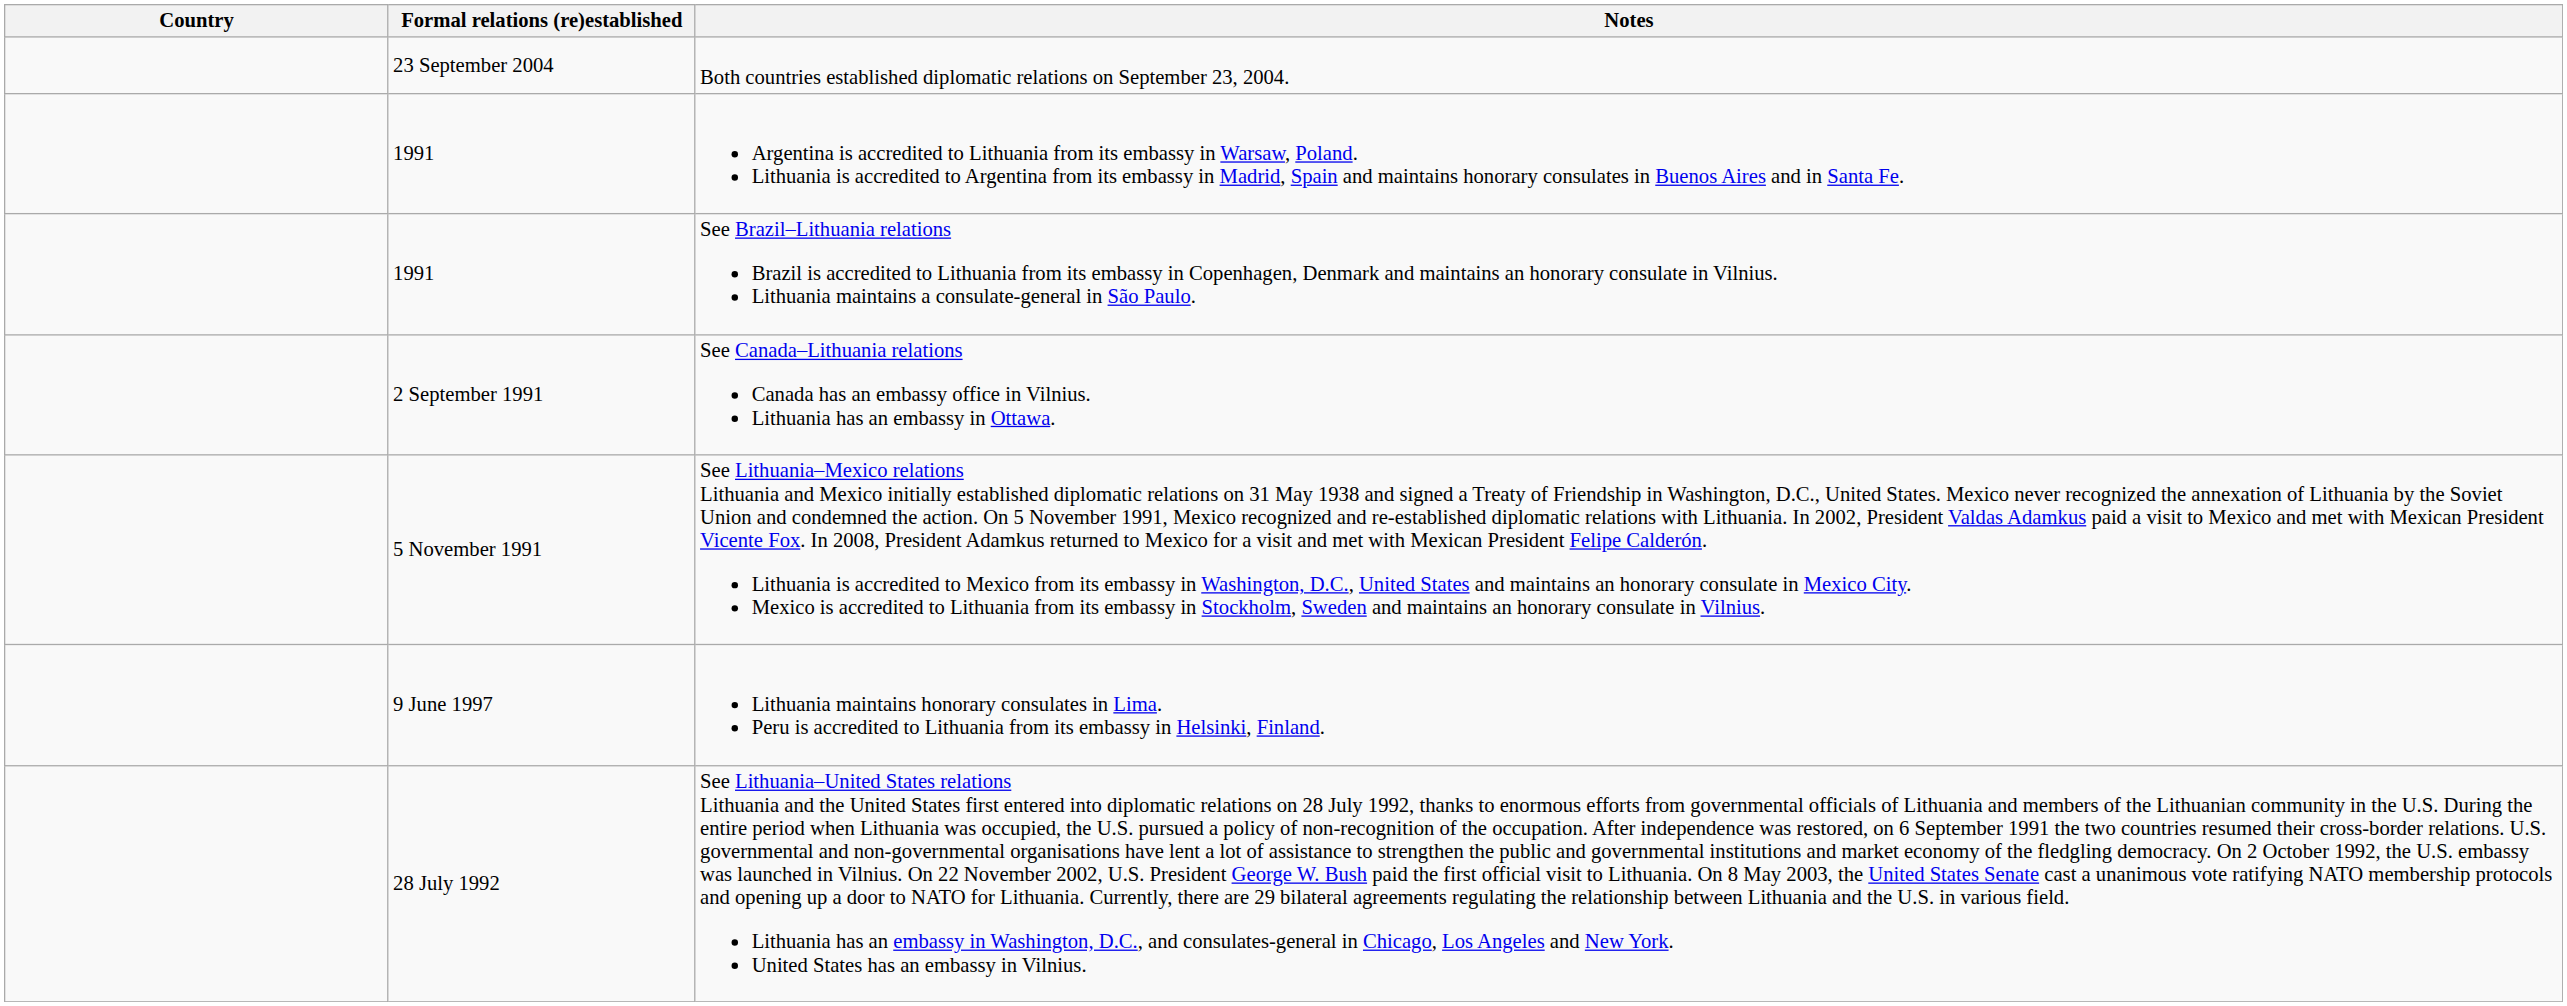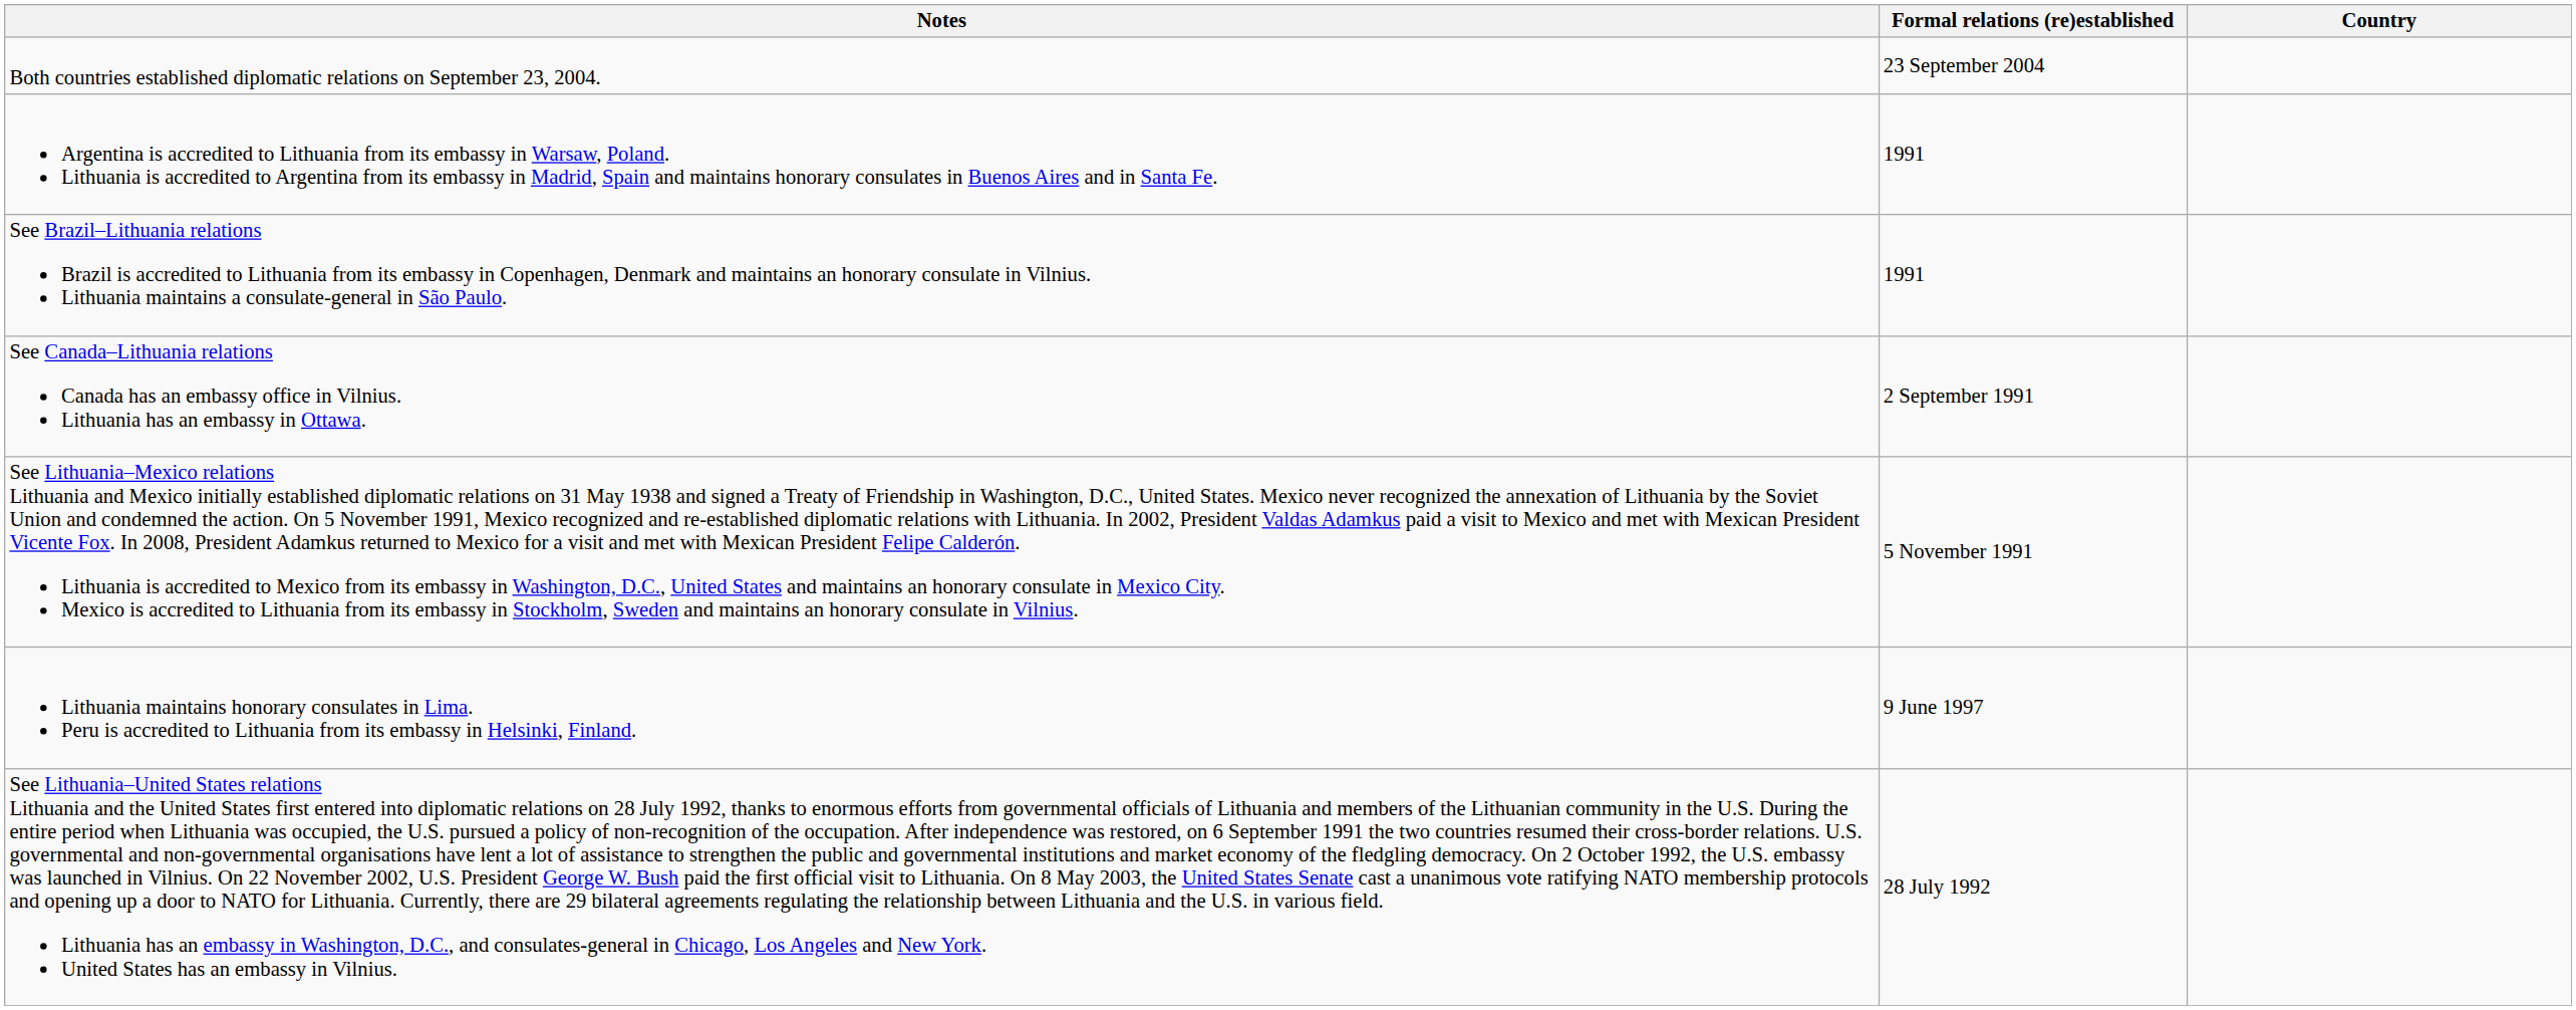 <table class="wikitable sortable" border="1" style="width:100%; margin:auto;">
 <tr>
+<th>Notes</th>
+<th width="12%">Formal relations (re)established</th>
 <th width="15%">Country</th>
-<th width="12%">Formal relations (re)established</th>
-<th>Notes</th>
 </tr>
 <tr>
+<td><br>Both countries established diplomatic relations on September 23, 2004.</td>
+<td>23 September 2004</td>
 <td></td>
-<td>23 September 2004</td>
-<td><br>Both countries established diplomatic relations on September 23, 2004.</td>
 </tr>
 <tr>
+<td><br><ul><li>Argentina is accredited to Lithuania from its embassy in <a href='#'>Warsaw</a>, <a href='#'>Poland</a>.</li><li>Lithuania is accredited to Argentina from its embassy in <a href='#'>Madrid</a>, <a href='#'>Spain</a> and maintains honorary consulates in <a href='#'>Buenos Aires</a> and in <a href='#'>Santa Fe</a>.</li></ul></td>
+<td>1991</td>
 <td></td>
-<td>1991</td>
-<td><br><ul><li>Argentina is accredited to Lithuania from its embassy in <a href='#'>Warsaw</a>, <a href='#'>Poland</a>.</li><li>Lithuania is accredited to Argentina from its embassy in <a href='#'>Madrid</a>, <a href='#'>Spain</a> and maintains honorary consulates in <a href='#'>Buenos Aires</a> and in <a href='#'>Santa Fe</a>.</li></ul></td>
 </tr>
 <tr>
+<td>See <a href='#'>Brazil–Lithuania relations</a><br><ul><li>Brazil is accredited to Lithuania from its embassy in Copenhagen, Denmark and maintains an honorary consulate in Vilnius.</li><li>Lithuania maintains a consulate-general in <a href='#'>São Paulo</a>.</li></ul></td>
+<td>1991</td>
 <td></td>
-<td>1991</td>
-<td>See <a href='#'>Brazil–Lithuania relations</a><br><ul><li>Brazil is accredited to Lithuania from its embassy in Copenhagen, Denmark and maintains an honorary consulate in Vilnius.</li><li>Lithuania maintains a consulate-general in <a href='#'>São Paulo</a>.</li></ul></td>
 </tr>
 <tr>
+<td>See <a href='#'>Canada–Lithuania relations</a><br><ul><li>Canada has an embassy office in Vilnius.</li><li>Lithuania has an embassy in <a href='#'>Ottawa</a>.</li></ul></td>
+<td>2 September 1991</td>
 <td></td>
-<td>2 September 1991</td>
-<td>See <a href='#'>Canada–Lithuania relations</a><br><ul><li>Canada has an embassy office in Vilnius.</li><li>Lithuania has an embassy in <a href='#'>Ottawa</a>.</li></ul></td>
 </tr>
 <tr>
+<td>See <a href='#'>Lithuania–Mexico relations</a><br> Lithuania and Mexico initially established diplomatic relations on 31 May 1938 and signed a Treaty of Friendship in Washington, D.C., United States. Mexico never recognized the annexation of Lithuania by the Soviet Union and condemned the action. On 5 November 1991, Mexico recognized and re-established diplomatic relations with Lithuania. In 2002, President <a href='#'>Valdas Adamkus</a> paid a visit to Mexico and met with Mexican President <a href='#'>Vicente Fox</a>. In 2008, President Adamkus returned to Mexico for a visit and met with Mexican President <a href='#'>Felipe Calderón</a>.<ul><li>Lithuania is accredited to Mexico from its embassy in <a href='#'>Washington, D.C.</a>, <a href='#'>United States</a> and maintains an honorary consulate in <a href='#'>Mexico City</a>.</li><li>Mexico is accredited to Lithuania from its embassy in <a href='#'>Stockholm</a>, <a href='#'>Sweden</a> and maintains an honorary consulate in <a href='#'>Vilnius</a>.</li></ul></td>
+<td>5 November 1991</td>
 <td></td>
-<td>5 November 1991</td>
-<td>See <a href='#'>Lithuania–Mexico relations</a><br> Lithuania and Mexico initially established diplomatic relations on 31 May 1938 and signed a Treaty of Friendship in Washington, D.C., United States. Mexico never recognized the annexation of Lithuania by the Soviet Union and condemned the action. On 5 November 1991, Mexico recognized and re-established diplomatic relations with Lithuania. In 2002, President <a href='#'>Valdas Adamkus</a> paid a visit to Mexico and met with Mexican President <a href='#'>Vicente Fox</a>. In 2008, President Adamkus returned to Mexico for a visit and met with Mexican President <a href='#'>Felipe Calderón</a>.<ul><li>Lithuania is accredited to Mexico from its embassy in <a href='#'>Washington, D.C.</a>, <a href='#'>United States</a> and maintains an honorary consulate in <a href='#'>Mexico City</a>.</li><li>Mexico is accredited to Lithuania from its embassy in <a href='#'>Stockholm</a>, <a href='#'>Sweden</a> and maintains an honorary consulate in <a href='#'>Vilnius</a>.</li></ul></td>
 </tr>
 <tr>
+<td><br><ul><li>Lithuania maintains honorary consulates in <a href='#'>Lima</a>.</li><li>Peru is accredited to Lithuania from its embassy in <a href='#'>Helsinki</a>, <a href='#'>Finland</a>.</li></ul></td>
+<td>9 June 1997</td>
 <td></td>
-<td>9 June 1997</td>
-<td><br><ul><li>Lithuania maintains honorary consulates in <a href='#'>Lima</a>.</li><li>Peru is accredited to Lithuania from its embassy in <a href='#'>Helsinki</a>, <a href='#'>Finland</a>.</li></ul></td>
 </tr>
 <tr>
+<td>See <a href='#'>Lithuania–United States relations</a><br>  Lithuania and the United States first entered into diplomatic relations on 28 July 1992, thanks to enormous efforts from governmental officials of Lithuania and members of the Lithuanian community in the U.S. During the entire period when Lithuania was occupied, the U.S. pursued a policy of non-recognition of the occupation. After independence was restored, on 6 September 1991 the two countries resumed their cross-border relations. U.S. governmental and non-governmental organisations have lent a lot of assistance to strengthen the public and governmental institutions and market economy of the fledgling democracy. On 2 October 1992, the U.S. embassy was launched in Vilnius. On 22 November 2002, U.S. President <a href='#'>George W. Bush</a> paid the first official visit to Lithuania. On 8 May 2003, the <a href='#'>United States Senate</a> cast a unanimous vote ratifying NATO membership protocols and opening up a door to NATO for Lithuania. Currently, there are 29 bilateral agreements regulating the relationship between Lithuania and the U.S. in various field.<ul><li>Lithuania has an <a href='#'>embassy in Washington, D.C.</a>, and consulates-general in <a href='#'>Chicago</a>, <a href='#'>Los Angeles</a> and <a href='#'>New York</a>.</li><li>United States has an embassy in Vilnius.</li></ul></td>
+<td>28 July 1992</td>
 <td></td>
-<td>28 July 1992</td>
-<td>See <a href='#'>Lithuania–United States relations</a><br>  Lithuania and the United States first entered into diplomatic relations on 28 July 1992, thanks to enormous efforts from governmental officials of Lithuania and members of the Lithuanian community in the U.S. During the entire period when Lithuania was occupied, the U.S. pursued a policy of non-recognition of the occupation. After independence was restored, on 6 September 1991 the two countries resumed their cross-border relations. U.S. governmental and non-governmental organisations have lent a lot of assistance to strengthen the public and governmental institutions and market economy of the fledgling democracy. On 2 October 1992, the U.S. embassy was launched in Vilnius. On 22 November 2002, U.S. President <a href='#'>George W. Bush</a> paid the first official visit to Lithuania. On 8 May 2003, the <a href='#'>United States Senate</a> cast a unanimous vote ratifying NATO membership protocols and opening up a door to NATO for Lithuania. Currently, there are 29 bilateral agreements regulating the relationship between Lithuania and the U.S. in various field.<ul><li>Lithuania has an <a href='#'>embassy in Washington, D.C.</a>, and consulates-general in <a href='#'>Chicago</a>, <a href='#'>Los Angeles</a> and <a href='#'>New York</a>.</li><li>United States has an embassy in Vilnius.</li></ul></td>
 </tr>
 </table>
